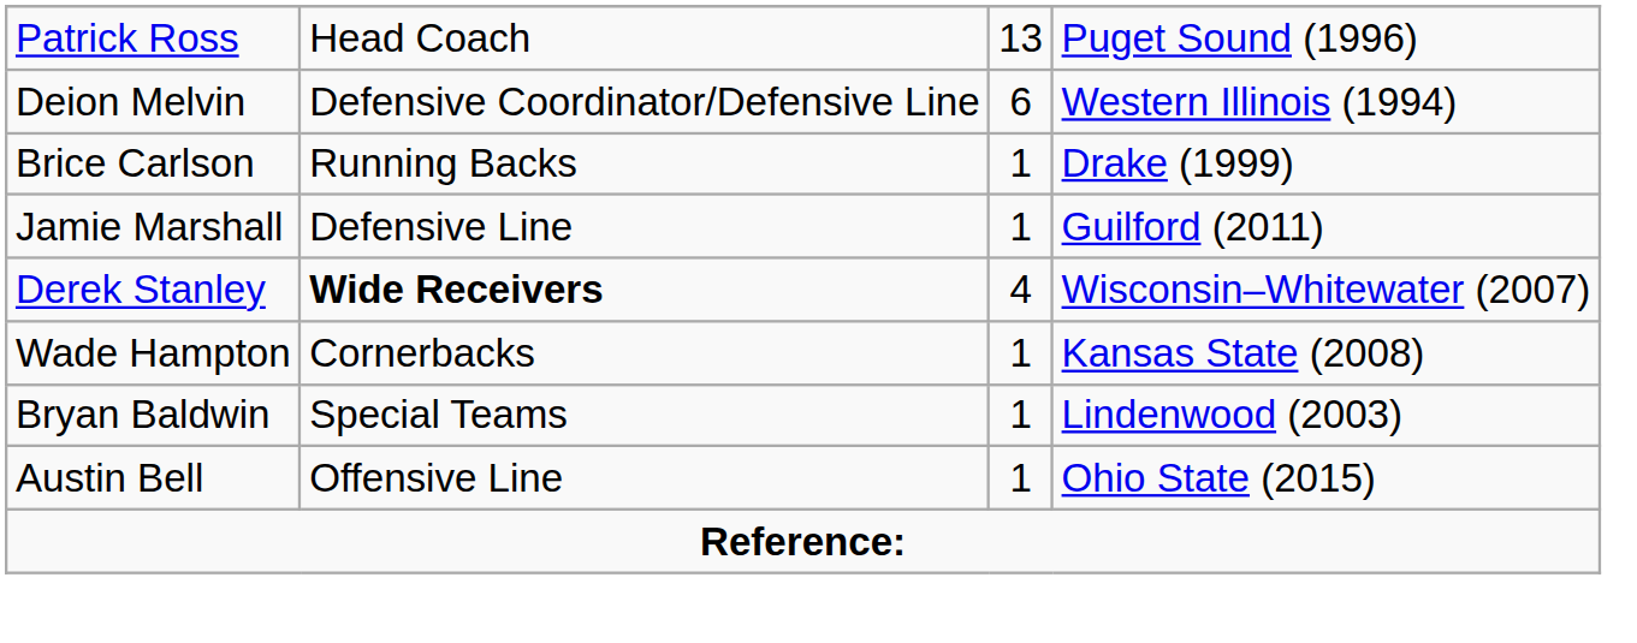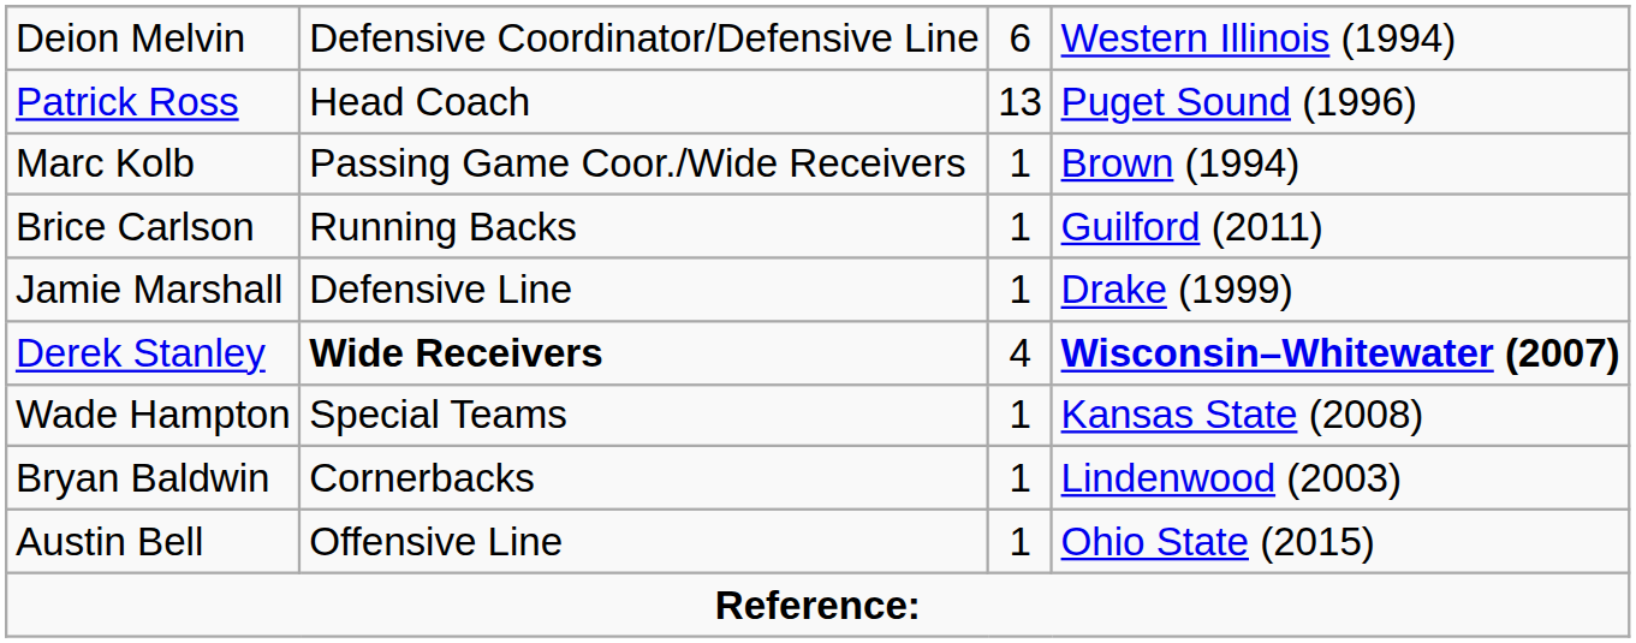 <table class="wikitable" border="1" style="font-size:90%;">
 <tr>
+</tr>
+<tr>
+<td>Deion Melvin</td>
+<td>Defensive Coordinator/Defensive Line</td>
+<td align=center>6</td>
+<td><a href='#'>Western Illinois</a> (1994)</td>
 </tr>
 <tr>
 <td><a href='#'>Patrick Ross</a></td>
 <td>Head Coach</td>
 <td align=center>13</td>
 <td><a href='#'>Puget Sound</a> (1996)</td>
 </tr>
 <tr>
-<td>Deion Melvin</td>
-<td>Defensive Coordinator/Defensive Line</td>
-<td align=center>6</td>
-<td><a href='#'>Western Illinois</a> (1994)</td>
+<td>Marc Kolb</td>
+<td>Passing Game Coor./Wide Receivers</td>
+<td align=center>1</td>
+<td><a href='#'>Brown</a> (1994)</td>
 </tr>
 <tr>
 <td>Brice Carlson</td>
 <td>Running Backs</td>
 <td align=center>1</td>
-<td><a href='#'>Drake</a> (1999)</td>
+<td><a href='#'>Guilford</a> (2011)</td>
 </tr>
 <tr>
 <td>Jamie Marshall</td>
 <td>Defensive Line</td>
 <td align=center>1</td>
-<td><a href='#'>Guilford</a> (2011)</td>
+<td><a href='#'>Drake</a> (1999)</td>
 </tr>
 <tr>
 <td><a href='#'>Derek Stanley</a></td>
 <td><strong>Wide Receivers</strong></td>
 <td align=center>4</td>
-<td><a href='#'>Wisconsin–Whitewater</a> (2007)</td>
+<td><strong><a href='#'>Wisconsin–Whitewater</a> (2007)</strong></td>
 </tr>
 <tr>
 <td>Wade Hampton</td>
-<td>Cornerbacks</td>
+<td>Special Teams</td>
 <td align=center>1</td>
 <td><a href='#'>Kansas State</a> (2008)</td>
 </tr>
 <tr>
 <td>Bryan Baldwin</td>
-<td>Special Teams</td>
+<td>Cornerbacks</td>
 <td align=center>1</td>
 <td><a href='#'>Lindenwood</a> (2003)</td>
 </tr>
 <tr>
 <td>Austin Bell</td>
 <td>Offensive Line</td>
 <td align=center>1</td>
 <td><a href='#'>Ohio State</a> (2015)</td>
 </tr>
 <tr align="center">
 <td colspan=4><strong>Reference:</strong></td>
 </tr>
 </table>
